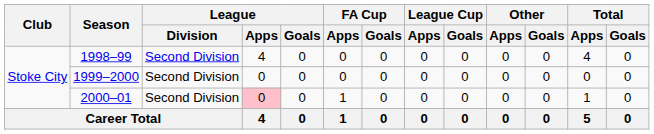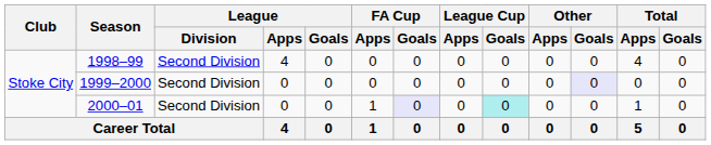 <table class="wikitable" style="text-align: center;">
 <tr>
 <th rowspan="2">Club</th>
 <th rowspan="2">Season</th>
 <th colspan="3">League</th>
 <th colspan="2">FA Cup</th>
 <th colspan="2">League Cup</th>
 <th colspan="2">Other</th>
 <th colspan="2">Total</th>
 </tr>
 <tr>
 <th>Division</th>
 <th>Apps</th>
 <th>Goals</th>
 <th>Apps</th>
 <th>Goals</th>
 <th>Apps</th>
 <th>Goals</th>
 <th>Apps</th>
 <th>Goals</th>
 <th>Apps</th>
 <th>Goals</th>
 </tr>
 <tr>
 <td rowspan="3"><a href='#'>Stoke City</a></td>
 <td><a href='#'>1998–99</a></td>
 <td><a href='#'>Second Division</a></td>
 <td>4</td>
 <td>0</td>
 <td>0</td>
 <td>0</td>
 <td>0</td>
 <td>0</td>
 <td>0</td>
 <td>0</td>
 <td>4</td>
 <td>0</td>
 </tr>
 <tr>
 <td><a href='#'>1999–2000</a></td>
 <td>Second Division</td>
 <td>0</td>
 <td>0</td>
 <td>0</td>
 <td>0</td>
 <td>0</td>
 <td>0</td>
 <td>0</td>
-<td>0</td>
+<td style="background: lavender;">0</td>
 <td>0</td>
 <td>0</td>
 </tr>
 <tr>
 <td><a href='#'>2000–01</a></td>
 <td>Second Division</td>
-<td style="background: pink;">0</td>
+<td>0</td>
 <td>0</td>
 <td>1</td>
+<td style="background: lavender;">0</td>
 <td>0</td>
-<td>0</td>
-<td>0</td>
+<td style="background: paleturquoise;">0</td>
 <td>0</td>
 <td>0</td>
 <td>1</td>
 <td>0</td>
 </tr>
 <tr>
 <th colspan="3">Career Total</th>
 <th>4</th>
 <th>0</th>
 <th>1</th>
 <th>0</th>
 <th>0</th>
 <th>0</th>
 <th>0</th>
 <th>0</th>
 <th>5</th>
 <th>0</th>
 </tr>
 </table>
